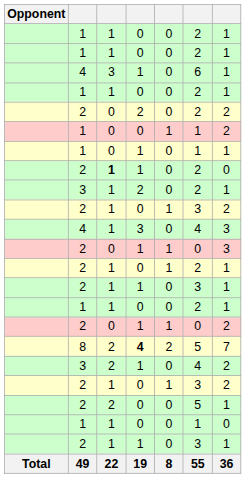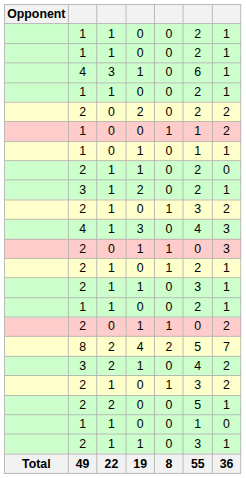 <table class="wikitable sortable" style="text-align: center;">
 <tr>
 <th width="30">Opponent</th>
 <th width="30"></th>
 <th width="30"></th>
 <th width="30"></th>
 <th width="30"></th>
 <th width="30"></th>
 <th width="30"></th>
 </tr>
 <tr bgcolor=#CCFFCC>
 <td align="left"></td>
 <td>1</td>
 <td>1</td>
 <td>0</td>
 <td>0</td>
 <td>2</td>
 <td>1</td>
 </tr>
 <tr bgcolor=#CCFFCC>
 <td align="left"></td>
 <td>1</td>
 <td>1</td>
 <td>0</td>
 <td>0</td>
 <td>2</td>
 <td>1</td>
 </tr>
 <tr bgcolor=#CCFFCC>
 <td align="left"></td>
 <td>4</td>
 <td>3</td>
 <td>1</td>
 <td>0</td>
 <td>6</td>
 <td>1</td>
 </tr>
 <tr bgcolor=#CCFFCC>
 <td align="left"></td>
 <td>1</td>
 <td>1</td>
 <td>0</td>
 <td>0</td>
 <td>2</td>
 <td>1</td>
 </tr>
 <tr bgcolor=#FFFFCC>
 <td align="left"></td>
 <td>2</td>
 <td>0</td>
 <td>2</td>
 <td>0</td>
 <td>2</td>
 <td>2</td>
 </tr>
 <tr bgcolor=#FFCCCC>
 <td align="left"></td>
 <td>1</td>
 <td>0</td>
 <td>0</td>
 <td>1</td>
 <td>1</td>
 <td>2</td>
 </tr>
 <tr bgcolor=#FFFFCC>
 <td align="left"></td>
 <td>1</td>
 <td>0</td>
 <td>1</td>
 <td>0</td>
 <td>1</td>
 <td>1</td>
 </tr>
 <tr bgcolor=#CCFFCC>
 <td align="left"></td>
 <td>2</td>
-<td><strong>1</strong></td>
+<td>1</td>
 <td>1</td>
 <td>0</td>
 <td>2</td>
 <td>0</td>
 </tr>
 <tr bgcolor=#CCFFCC>
 <td align="left"></td>
 <td>3</td>
 <td>1</td>
 <td>2</td>
 <td>0</td>
 <td>2</td>
 <td>1</td>
 </tr>
 <tr bgcolor=#FFFFCC>
 <td align="left"></td>
 <td>2</td>
 <td>1</td>
 <td>0</td>
 <td>1</td>
 <td>3</td>
 <td>2</td>
 </tr>
 <tr bgcolor=#CCFFCC>
 <td align="left"></td>
 <td>4</td>
 <td>1</td>
 <td>3</td>
 <td>0</td>
 <td>4</td>
 <td>3</td>
 </tr>
 <tr bgcolor=#FFCCCC>
 <td align="left"></td>
 <td>2</td>
 <td>0</td>
 <td>1</td>
 <td>1</td>
 <td>0</td>
 <td>3</td>
 </tr>
 <tr bgcolor=#FFFFCC>
 <td align="left"></td>
 <td>2</td>
 <td>1</td>
 <td>0</td>
 <td>1</td>
 <td>2</td>
 <td>1</td>
 </tr>
 <tr bgcolor=#CCFFCC>
 <td align="left"></td>
 <td>2</td>
 <td>1</td>
 <td>1</td>
 <td>0</td>
 <td>3</td>
 <td>1</td>
 </tr>
 <tr bgcolor=#CCFFCC>
 <td align="left"></td>
 <td>1</td>
 <td>1</td>
 <td>0</td>
 <td>0</td>
 <td>2</td>
 <td>1</td>
 </tr>
 <tr bgcolor=#FFCCCC>
 <td align="left"></td>
 <td>2</td>
 <td>0</td>
 <td>1</td>
 <td>1</td>
 <td>0</td>
 <td>2</td>
 </tr>
 <tr bgcolor=#FFFFCC>
 <td align="left"></td>
 <td>8</td>
 <td>2</td>
-<td><strong>4</strong></td>
+<td>4</td>
 <td>2</td>
 <td>5</td>
 <td>7</td>
 </tr>
 <tr bgcolor=#CCFFCC>
 <td align="left"></td>
 <td>3</td>
 <td>2</td>
 <td>1</td>
 <td>0</td>
 <td>4</td>
 <td>2</td>
 </tr>
 <tr bgcolor=#FFFFCC>
 <td align="left"></td>
 <td>2</td>
 <td>1</td>
 <td>0</td>
 <td>1</td>
 <td>3</td>
 <td>2</td>
 </tr>
 <tr bgcolor=#CCFFCC>
 <td align="left"></td>
 <td>2</td>
 <td>2</td>
 <td>0</td>
 <td>0</td>
 <td>5</td>
 <td>1</td>
 </tr>
 <tr bgcolor=#CCFFCC>
 <td align="left"></td>
 <td>1</td>
 <td>1</td>
 <td>0</td>
 <td>0</td>
 <td>1</td>
 <td>0</td>
 </tr>
 <tr bgcolor=#CCFFCC>
 <td align="left"></td>
 <td>2</td>
 <td>1</td>
 <td>1</td>
 <td>0</td>
 <td>3</td>
 <td>1</td>
 </tr>
 <tr>
 <th>Total</th>
 <th>49</th>
 <th>22</th>
 <th>19</th>
 <th>8</th>
 <th>55</th>
 <th>36</th>
 </tr>
 </table>
